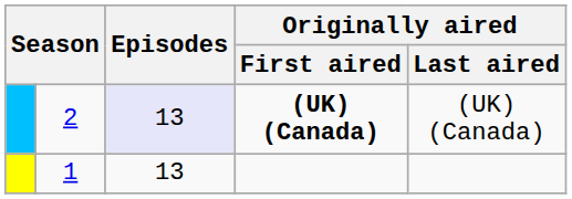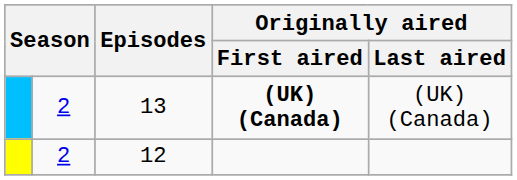 <table class="wikitable plainrowheaders" style="text-align:center;">
 <tr>
 <th colspan="2" rowspan="2">Season</th>
 <th rowspan="2">Episodes</th>
 <th colspan="2">Originally aired</th>
 </tr>
 <tr>
 <th>First aired</th>
 <th>Last aired</th>
 </tr>
 <tr>
 <td style="background: #00BFFF;"></td>
 <td><a href='#'>2</a></td>
-<td style="background: lavender;">13</td>
+<td>13</td>
 <td><strong> (UK)<br> (Canada)</strong></td>
 <td> (UK)<br> (Canada)</td>
 </tr>
 <tr>
 <td style="background:#ff0;"></td>
-<td><a href='#'>1</a></td>
-<td>13</td>
+<td><a href='#'>2</a></td>
+<td>12</td>
 <td></td>
 <td></td>
 </tr>
 </table>
